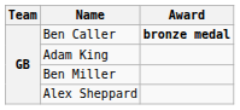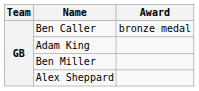 <table class="wikitable">
 <tr>
 <th>Team</th>
 <th>Name</th>
 <th>Award</th>
 </tr>
 <tr>
 <th rowspan=4 valign="middle">GB</th>
 <td>Ben Caller</td>
-<td><strong>bronze medal</strong></td>
+<td>bronze medal</td>
 </tr>
 <tr>
 <td>Adam King</td>
 <td></td>
 </tr>
 <tr>
 <td>Ben Miller</td>
 <td></td>
 </tr>
 <tr>
 <td>Alex Sheppard</td>
 <td></td>
 </tr>
 </table>
